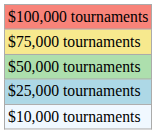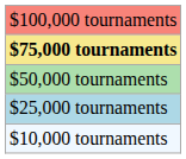 <table class=wikitable>
 <tr bgcolor=F88379>
 <td>$100,000 tournaments</td>
 </tr>
 <tr bgcolor=F7E98E>
-<td>$75,000 tournaments</td>
+<td><strong>$75,000 tournaments</strong></td>
 </tr>
 <tr bgcolor=ADDFAD>
 <td>$50,000 tournaments</td>
 </tr>
 <tr bgcolor=lightblue>
 <td>$25,000 tournaments</td>
 </tr>
 <tr bgcolor=f0f8ff>
 <td>$10,000 tournaments</td>
 </tr>
 </table>
